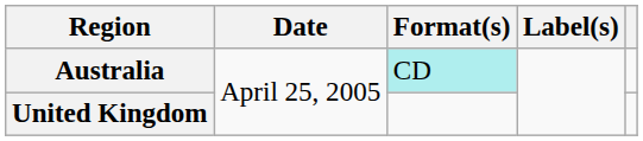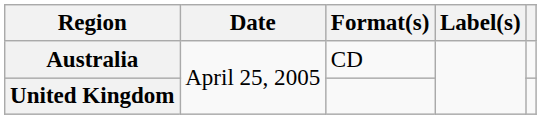 <table class="wikitable plainrowheaders">
 <tr>
 <th scope="col">Region</th>
 <th scope="col">Date</th>
 <th scope="col">Format(s)</th>
 <th scope="col">Label(s)</th>
 <th scope="col"></th>
 </tr>
 <tr>
 <th scope="row">Australia</th>
 <td rowspan="2">April 25, 2005</td>
-<td style="background: paleturquoise;">CD</td>
+<td>CD</td>
 <td rowspan="2"></td>
 <td></td>
 </tr>
 <tr>
 <th scope="row">United Kingdom</th>
 <td></td>
 <td></td>
 </tr>
 </table>
